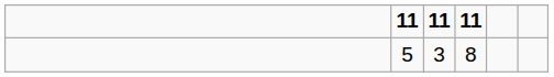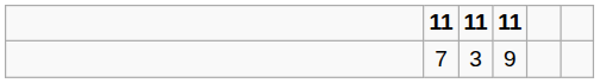 <table class="wikitable">
 <tr>
 <td style="width:18em"></td>
 <td align=center style="width:1em"><strong>11</strong></td>
 <td align=center style="width:1em"><strong>11</strong></td>
 <td align=center style="width:1em"><strong>11</strong></td>
 <td align=center style="width:1em"></td>
 <td align=center style="width:1em"></td>
 </tr>
 <tr>
 <td style="width:18em"></td>
-<td align=center style="width:1em">5</td>
+<td align=center style="width:1em">7</td>
 <td align=center style="width:1em">3</td>
-<td align=center style="width:1em">8</td>
+<td align=center style="width:1em">9</td>
 <td align=center style="width:1em"></td>
 <td align=center style="width:1em"></td>
 </tr>
 </table>
